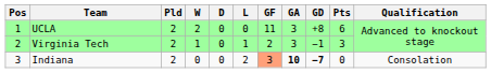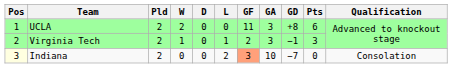 <table class="wikitable" style="text-align:center; margin: 1em auto">
 <tr>
 <th style="width:2em">Pos</th>
 <th style="width:13em">Team</th>
 <th style="width:2em">Pld</th>
 <th style="width:2em">W</th>
 <th style="width:2em">D</th>
 <th style="width:2em">L</th>
 <th style="width:2em">GF</th>
 <th style="width:2em">GA</th>
 <th style="width:2em">GD</th>
 <th style="width:2em">Pts</th>
 <th style="width:13em">Qualification</th>
 </tr>
 <tr bgcolor="#9eff9e">
 <td>1</td>
 <td style="text-align:left">UCLA</td>
 <td>2</td>
 <td>2</td>
 <td>0</td>
 <td>0</td>
 <td>11</td>
 <td>3</td>
 <td>+8</td>
 <td>6</td>
 <td rowspan="2">Advanced to knockout stage</td>
 </tr>
 <tr bgcolor="#9eff9e">
 <td>2</td>
 <td style="text-align:left">Virginia Tech</td>
 <td>2</td>
 <td>1</td>
 <td>0</td>
 <td>1</td>
 <td>2</td>
 <td>3</td>
 <td>−1</td>
 <td>3</td>
 </tr>
 <tr>
-<td>3</td>
+<td style="background: lightyellow;">3</td>
 <td style="text-align:left">Indiana</td>
 <td>2</td>
 <td>0</td>
 <td>0</td>
 <td>2</td>
 <td style="background: lightsalmon;">3</td>
-<td><strong>10</strong></td>
-<td><strong>−7</strong></td>
+<td>10</td>
+<td>−7</td>
 <td>0</td>
 <td>Consolation</td>
 </tr>
 </table>
